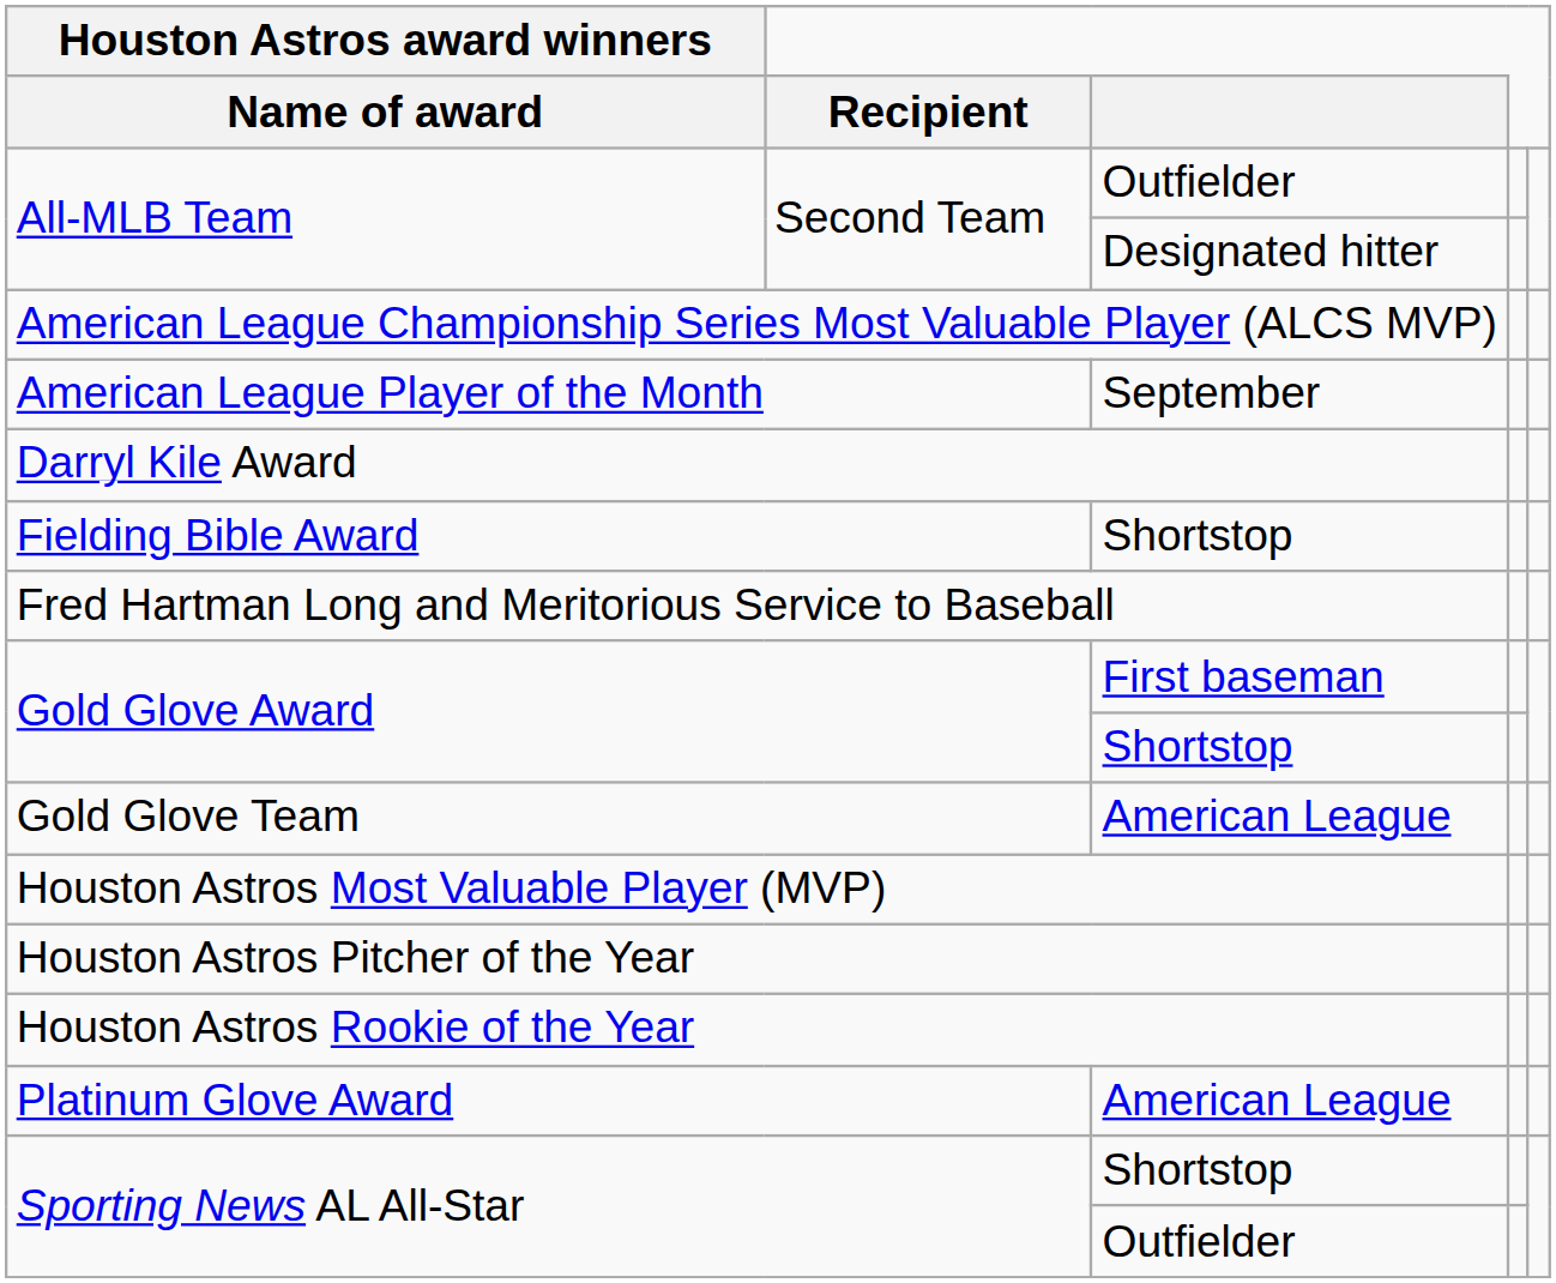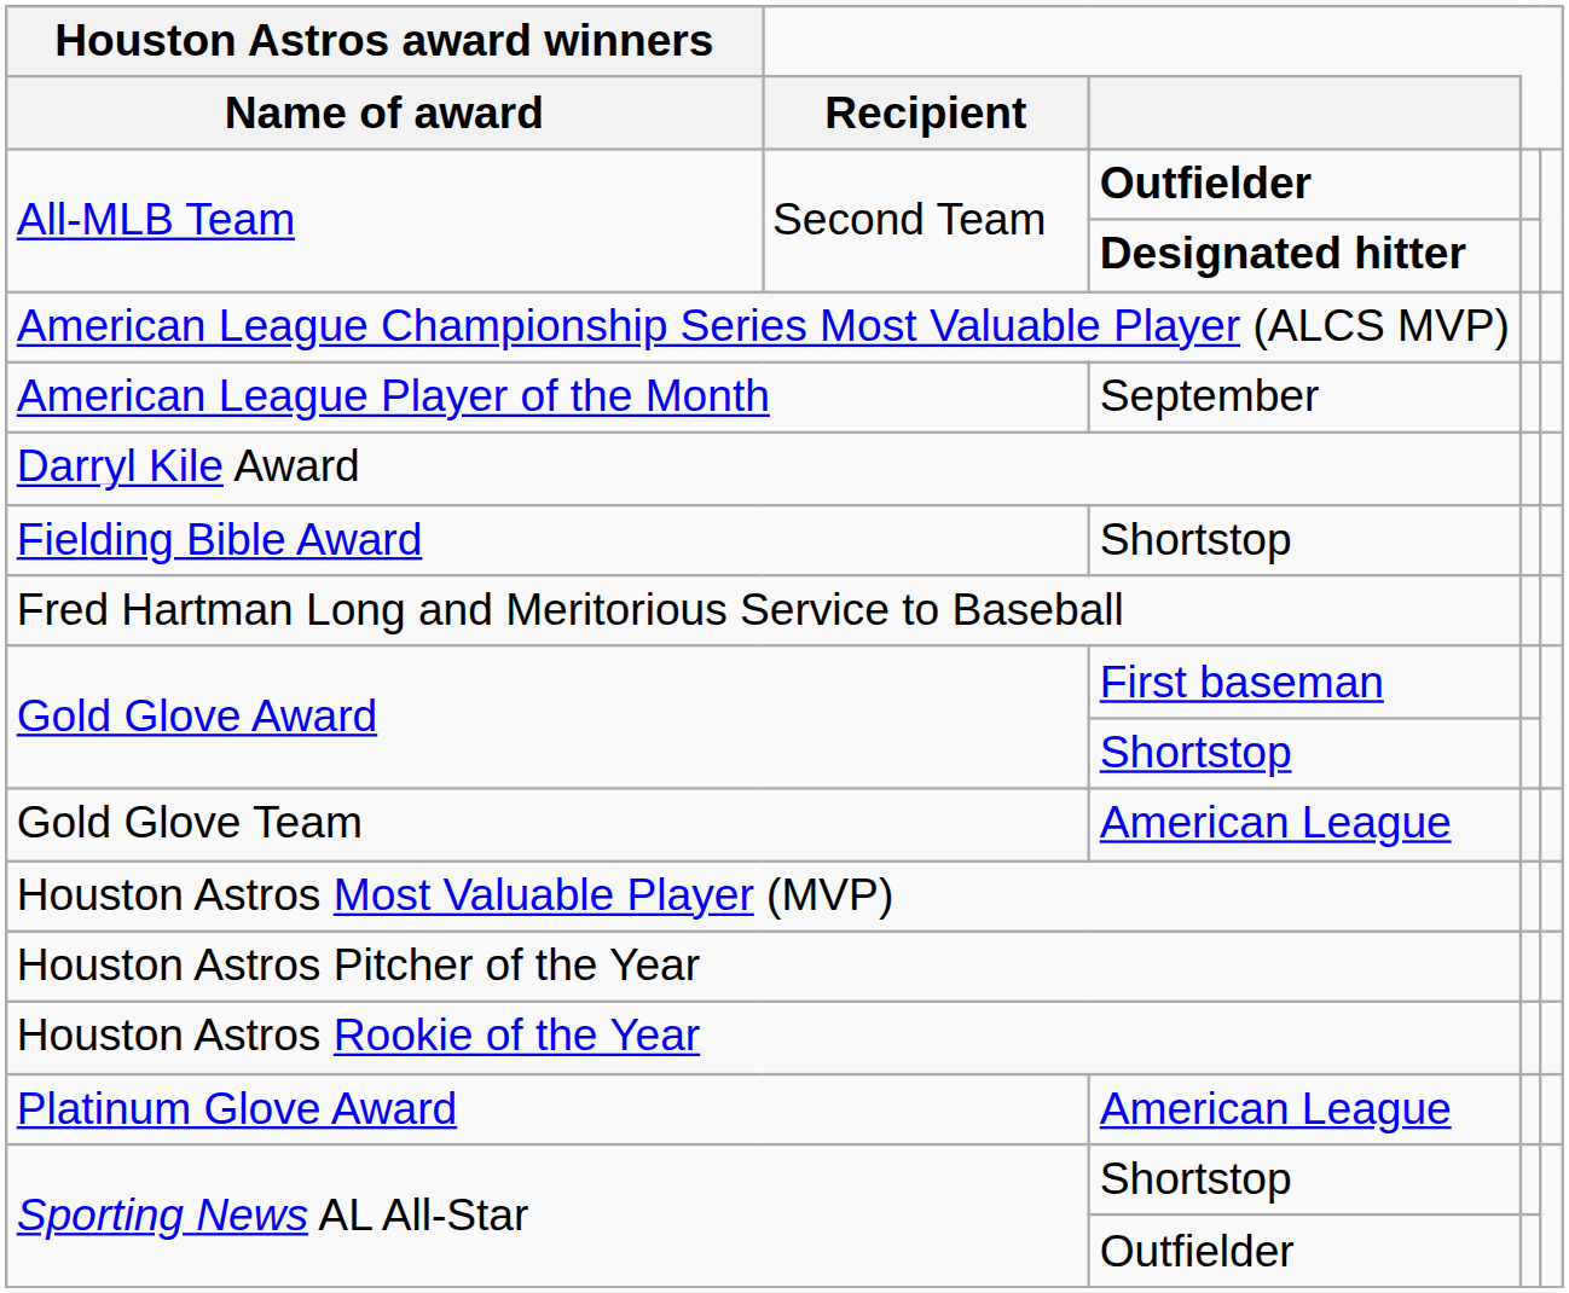 <table class="wikitable sortable" margin: 5px; text-align: center;>
 <tr>
 <th><strong>Houston Astros award winners</strong></th>
 </tr>
 <tr>
 <th>Name of award</th>
 <th>Recipient</th>
 <th></th>
 </tr>
 <tr>
 <td rowspan="2"><a href='#'>All-MLB Team</a></td>
 <td rowspan="2">Second Team</td>
-<td>Outfielder</td>
+<td><strong>Outfielder</strong></td>
 <td align="center"></td>
 <td rowspan="2" align="center"></td>
 </tr>
 <tr>
-<td>Designated hitter</td>
+<td><strong>Designated hitter</strong></td>
 <td align="center"></td>
 </tr>
 <tr>
 <td colspan="3"><a href='#'>American League Championship Series Most Valuable Player</a> (ALCS MVP)</td>
 <td align="center"></td>
 <td align="center"></td>
 </tr>
 <tr>
 <td colspan="2"><a href='#'>American League Player of the Month</a></td>
 <td>September</td>
 <td align="center"></td>
 <td align="center"></td>
 </tr>
 <tr>
 <td colspan="3"><a href='#'>Darryl Kile</a> Award</td>
 <td align="center"></td>
 <td align="center"></td>
 </tr>
 <tr>
 <td colspan="2"><a href='#'>Fielding Bible Award</a></td>
 <td>Shortstop</td>
 <td align="center"></td>
 <td align="center"></td>
 </tr>
 <tr>
 <td colspan="3">Fred Hartman Long and Meritorious Service to Baseball</td>
 <td align="center">   </td>
 <td align="center"></td>
 </tr>
 <tr>
 <td colspan="2;" rowspan="2"><a href='#'>Gold Glove Award</a></td>
 <td><a href='#'>First baseman</a></td>
 <td align="center"></td>
 <td align="center" rowspan="2"></td>
 </tr>
 <tr>
 <td><a href='#'>Shortstop</a></td>
 <td align="center"></td>
 </tr>
 <tr>
 <td colspan="2">Gold Glove Team</td>
 <td><a href='#'>American League</a></td>
 <td align="center"></td>
 <td align="center"></td>
 </tr>
 <tr>
 <td colspan="3">Houston Astros <a href='#'>Most Valuable Player</a> (MVP)</td>
 <td align="center"></td>
 <td align="center"></td>
 </tr>
 <tr>
 <td colspan="3">Houston Astros Pitcher of the Year</td>
 <td align="center"></td>
 <td align="center"></td>
 </tr>
 <tr>
 <td colspan="3">Houston Astros <a href='#'>Rookie of the Year</a></td>
 <td align="center"></td>
 <td align="center"></td>
 </tr>
 <tr>
 <td colspan="2"><a href='#'>Platinum Glove Award</a></td>
 <td><a href='#'>American League</a></td>
 <td align="center"></td>
 <td align="center"></td>
 </tr>
 <tr>
 <td colspan="2;" rowspan="2"><em><a href='#'>Sporting News</a></em> AL All-Star</td>
 <td>Shortstop</td>
 <td align="center"></td>
 <td align="center" rowspan="2"></td>
 </tr>
 <tr>
 <td>Outfielder</td>
 <td align="center"></td>
 </tr>
 <tr>
 </tr>
 <tr>
 </tr>
 </table>
